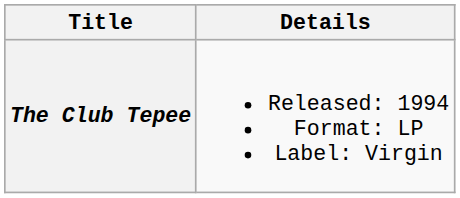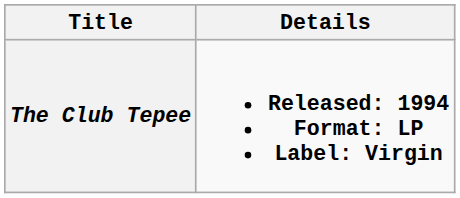 <table class="wikitable plainrowheaders" style="text-align:center;" border="1">
 <tr>
 <th>Title</th>
 <th>Details</th>
 </tr>
 <tr>
 <th scope="row"><em>The Club Tepee</em></th>
-<td><br><ul><li>Released: 1994</li><li>Format: LP</li><li>Label: Virgin</li></ul></td>
+<td><strong><br><ul><li>Released: 1994</li><li>Format: LP</li><li>Label: Virgin</li></ul></strong></td>
 </tr>
 </table>
